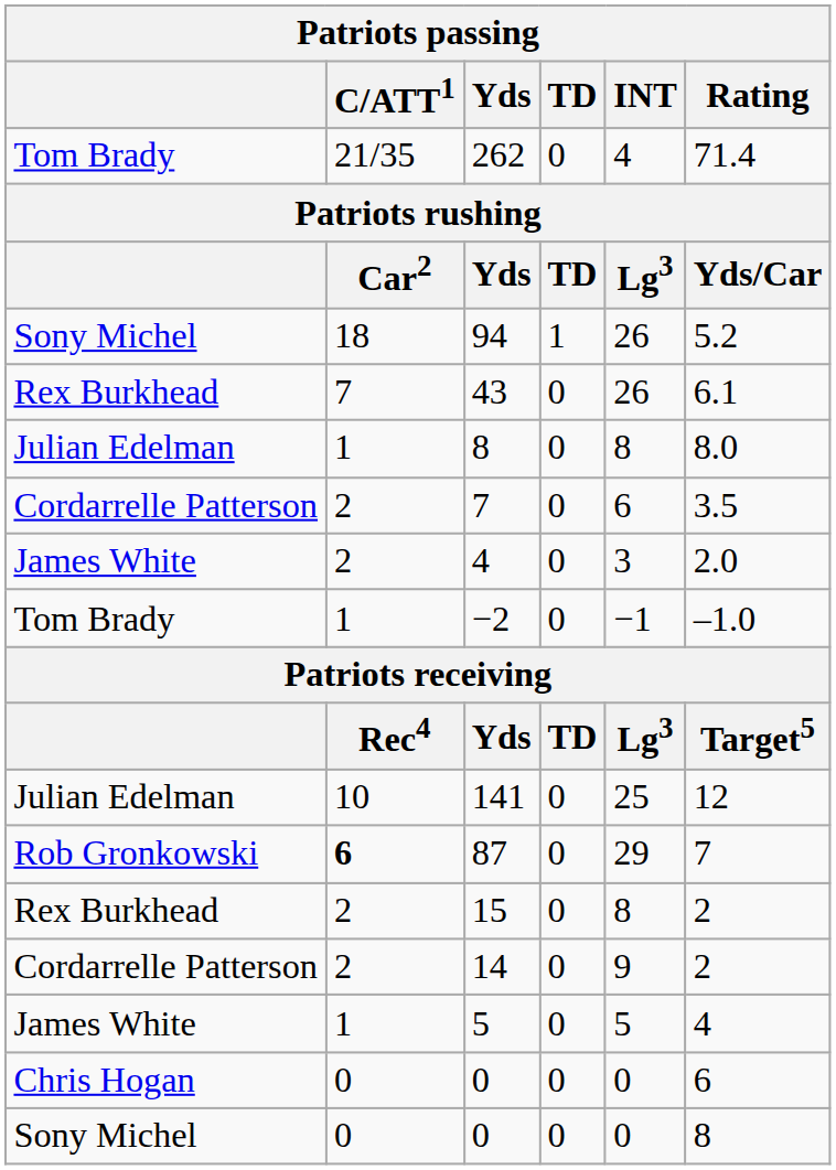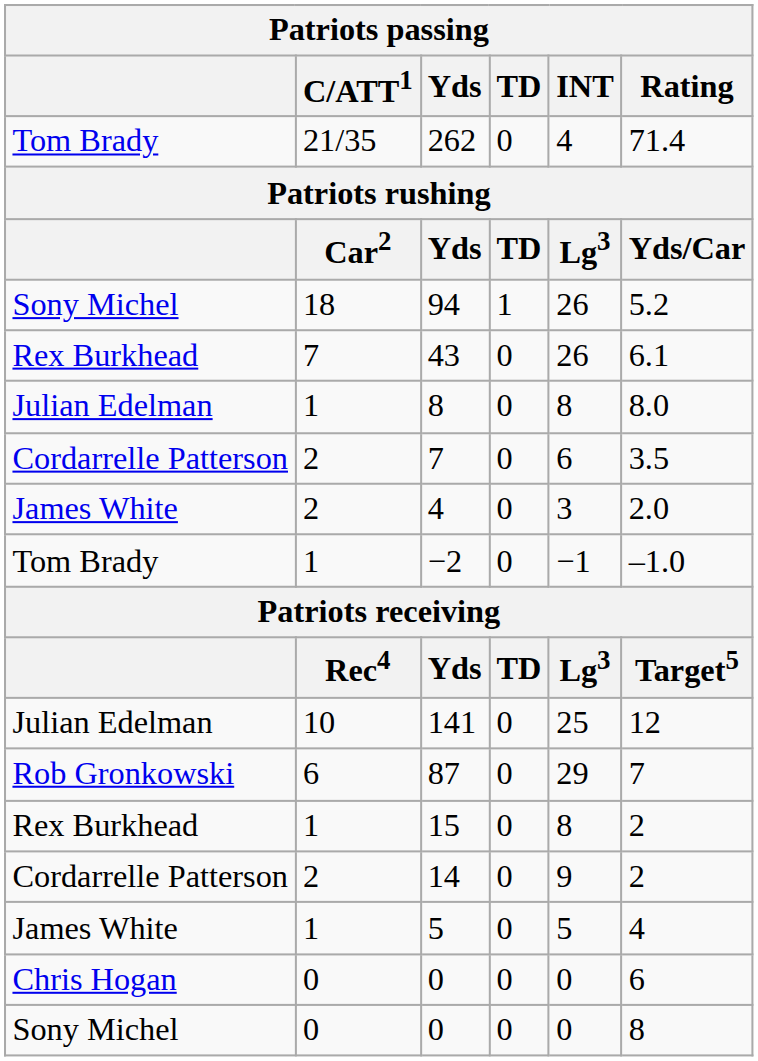 <table class="wikitable">
 <tr>
 <th colspan="6">Patriots passing</th>
 </tr>
 <tr>
 <th></th>
 <th>C/ATT<sup>1</sup></th>
 <th>Yds</th>
 <th>TD</th>
 <th>INT</th>
 <th>Rating</th>
 </tr>
 <tr>
 <td><a href='#'>Tom Brady</a></td>
 <td>21/35</td>
 <td>262</td>
 <td>0</td>
 <td>4</td>
 <td>71.4</td>
 </tr>
 <tr>
 <th colspan="6">Patriots rushing</th>
 </tr>
 <tr>
 <th></th>
 <th>Car<sup>2</sup></th>
 <th>Yds</th>
 <th>TD</th>
 <th>Lg<sup>3</sup></th>
 <th>Yds/Car</th>
 </tr>
 <tr>
 <td><a href='#'>Sony Michel</a></td>
 <td>18</td>
 <td>94</td>
 <td>1</td>
 <td>26</td>
 <td>5.2</td>
 </tr>
 <tr>
 <td><a href='#'>Rex Burkhead</a></td>
 <td>7</td>
 <td>43</td>
 <td>0</td>
 <td>26</td>
 <td>6.1</td>
 </tr>
 <tr>
 <td><a href='#'>Julian Edelman</a></td>
 <td>1</td>
 <td>8</td>
 <td>0</td>
 <td>8</td>
 <td>8.0</td>
 </tr>
 <tr>
 <td><a href='#'>Cordarrelle Patterson</a></td>
 <td>2</td>
 <td>7</td>
 <td>0</td>
 <td>6</td>
 <td>3.5</td>
 </tr>
 <tr>
 <td><a href='#'>James White</a></td>
 <td>2</td>
 <td>4</td>
 <td>0</td>
 <td>3</td>
 <td>2.0</td>
 </tr>
 <tr>
 <td>Tom Brady</td>
 <td>1</td>
 <td>−2</td>
 <td>0</td>
 <td>−1</td>
 <td>–1.0</td>
 </tr>
 <tr>
 <th colspan="6">Patriots receiving</th>
 </tr>
 <tr>
 <th></th>
 <th>Rec<sup>4</sup></th>
 <th>Yds</th>
 <th>TD</th>
 <th>Lg<sup>3</sup></th>
 <th>Target<sup>5</sup></th>
 </tr>
 <tr>
 <td>Julian Edelman</td>
 <td>10</td>
 <td>141</td>
 <td>0</td>
 <td>25</td>
 <td>12</td>
 </tr>
 <tr>
 <td><a href='#'>Rob Gronkowski</a></td>
-<td><strong>6</strong></td>
+<td>6</td>
 <td>87</td>
 <td>0</td>
 <td>29</td>
 <td>7</td>
 </tr>
 <tr>
 <td>Rex Burkhead</td>
-<td>2</td>
+<td>1</td>
 <td>15</td>
 <td>0</td>
 <td>8</td>
 <td>2</td>
 </tr>
 <tr>
 <td>Cordarrelle Patterson</td>
 <td>2</td>
 <td>14</td>
 <td>0</td>
 <td>9</td>
 <td>2</td>
 </tr>
 <tr>
 <td>James White</td>
 <td>1</td>
 <td>5</td>
 <td>0</td>
 <td>5</td>
 <td>4</td>
 </tr>
 <tr>
 <td><a href='#'>Chris Hogan</a></td>
 <td>0</td>
 <td>0</td>
 <td>0</td>
 <td>0</td>
 <td>6</td>
 </tr>
 <tr>
 <td>Sony Michel</td>
 <td>0</td>
 <td>0</td>
 <td>0</td>
 <td>0</td>
 <td>8</td>
 </tr>
 </table>
